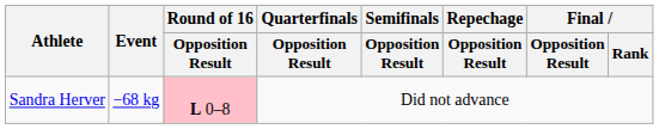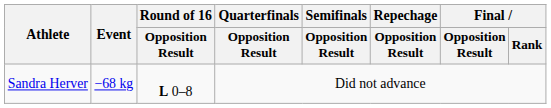 <table class="wikitable" style="font-size:90%">
 <tr>
 <th rowspan="2">Athlete</th>
 <th rowspan="2">Event</th>
 <th>Round of 16</th>
 <th>Quarterfinals</th>
 <th>Semifinals</th>
 <th>Repechage</th>
 <th colspan="2">Final / </th>
 </tr>
 <tr style="font-size:95%">
 <th>Opposition<br>Result</th>
 <th>Opposition<br>Result</th>
 <th>Opposition<br>Result</th>
 <th>Opposition<br>Result</th>
 <th>Opposition<br>Result</th>
 <th>Rank</th>
 </tr>
 <tr align="center">
 <td align="left"><a href='#'>Sandra Herver</a></td>
 <td align="left"><a href='#'>−68 kg</a></td>
-<td style="background: pink;"><br><strong>L</strong> 0–8</td>
+<td><br><strong>L</strong> 0–8</td>
 <td colspan="5">Did not advance</td>
 </tr>
 </table>
